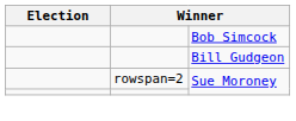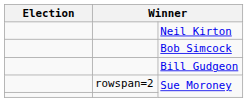 <table class=wikitable>
 <tr>
 <th width=100>Election</th>
 <th width=175 colspan=2>Winner</th>
+</tr>
+<tr>
+<td></td>
+<td></td>
+<td><a href='#'>Neil Kirton</a></td>
 </tr>
 <tr>
 <td></td>
 <td></td>
 <td><a href='#'>Bob Simcock</a></td>
 </tr>
 <tr>
 <td></td>
 <td></td>
 <td><a href='#'>Bill Gudgeon</a></td>
 </tr>
 <tr>
 <td></td>
 <td>rowspan=2 </td>
 <td rowspan=2><a href='#'>Sue Moroney</a></td>
 </tr>
 <tr>
 <td></td>
 </tr>
 </table>
